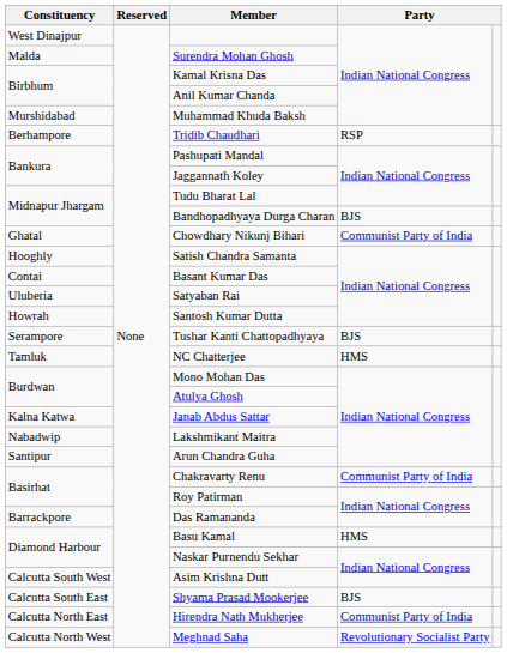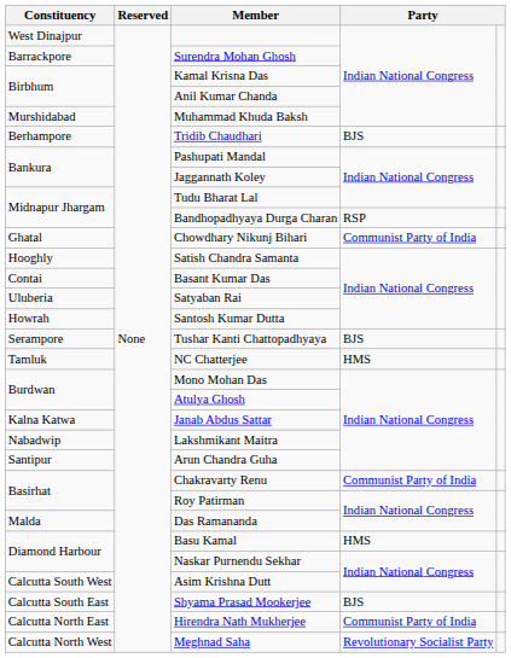 <table class="wikitable sortable">
 <tr>
 <th>Constituency</th>
 <th>Reserved</th>
 <th>Member</th>
 <th colspan=2>Party</th>
 </tr>
 <tr>
 <td>West Dinajpur</td>
 <td rowspan=31>None</td>
 <td></td>
 <td rowspan=5><a href='#'>Indian National Congress</a></td>
 <td rowspan=5 width="4px" style="background-color: "></td>
 </tr>
 <tr>
-<td>Malda</td>
+<td>Barrackpore</td>
 <td><a href='#'>Surendra Mohan Ghosh</a></td>
 </tr>
 <tr>
 <td rowspan=2>Birbhum</td>
 <td>Kamal Krisna Das</td>
 </tr>
 <tr>
 <td>Anil Kumar Chanda</td>
 </tr>
 <tr>
 <td>Murshidabad</td>
 <td>Muhammad Khuda Baksh</td>
 </tr>
 <tr>
 <td>Berhampore</td>
 <td><a href='#'>Tridib Chaudhari</a></td>
-<td>RSP</td>
+<td>BJS</td>
 <td></td>
 </tr>
 <tr>
 <td rowspan=2>Bankura</td>
 <td>Pashupati Mandal</td>
 <td rowspan=3><a href='#'>Indian National Congress</a></td>
 <td rowspan=3 width="4px" style="background-color: "></td>
 </tr>
 <tr>
 <td>Jaggannath Koley</td>
 </tr>
 <tr>
 <td rowspan=2>Midnapur Jhargam</td>
 <td>Tudu Bharat Lal</td>
 </tr>
 <tr>
 <td>Bandhopadhyaya Durga Charan</td>
-<td>BJS</td>
+<td>RSP</td>
 <td></td>
 </tr>
 <tr>
 <td>Ghatal</td>
 <td>Chowdhary Nikunj Bihari</td>
 <td><a href='#'>Communist Party of India</a></td>
 <td width="4px" style="background-color: "></td>
 </tr>
 <tr>
 <td>Hooghly</td>
 <td>Satish Chandra Samanta</td>
 <td rowspan=4><a href='#'>Indian National Congress</a></td>
 <td rowspan=4 width="4px" style="background-color: "></td>
 </tr>
 <tr>
 <td>Contai</td>
 <td>Basant Kumar Das</td>
 </tr>
 <tr>
 <td>Uluberia</td>
 <td>Satyaban Rai</td>
 </tr>
 <tr>
 <td>Howrah</td>
 <td>Santosh Kumar Dutta</td>
 </tr>
 <tr>
 <td>Serampore</td>
 <td>Tushar Kanti Chattopadhyaya</td>
 <td>BJS</td>
 <td width="4px" style="background-color: "></td>
 </tr>
 <tr>
 <td>Tamluk</td>
 <td>NC Chatterjee</td>
 <td>HMS</td>
 <td></td>
 </tr>
 <tr>
 <td rowspan=2>Burdwan</td>
 <td>Mono Mohan Das</td>
 <td rowspan=5><a href='#'>Indian National Congress</a></td>
 <td rowspan=5 width="4px" style="background-color: "></td>
 </tr>
 <tr>
 <td><a href='#'>Atulya Ghosh</a></td>
 </tr>
 <tr>
 <td>Kalna Katwa</td>
 <td><a href='#'>Janab Abdus Sattar</a></td>
 </tr>
 <tr>
 <td>Nabadwip</td>
 <td>Lakshmikant Maitra</td>
 </tr>
 <tr>
 <td>Santipur</td>
 <td>Arun Chandra Guha</td>
 </tr>
 <tr>
 <td rowspan=2>Basirhat</td>
 <td>Chakravarty Renu</td>
 <td><a href='#'>Communist Party of India</a></td>
 <td width="4px" style="background-color: "></td>
 </tr>
 <tr>
 <td>Roy Patirman</td>
 <td rowspan=2><a href='#'>Indian National Congress</a></td>
 <td rowspan=2 width="4px" style="background-color: "></td>
 </tr>
 <tr>
-<td>Barrackpore</td>
+<td>Malda</td>
 <td>Das Ramananda</td>
 </tr>
 <tr>
 <td rowspan=2>Diamond Harbour</td>
 <td>Basu Kamal</td>
 <td>HMS</td>
 <td width="4px" style="background-color: "></td>
 </tr>
 <tr>
 <td>Naskar Purnendu Sekhar</td>
 <td rowspan=2><a href='#'>Indian National Congress</a></td>
 <td rowspan=2 width="4px" style="background-color: "></td>
 </tr>
 <tr>
 <td>Calcutta South West</td>
 <td>Asim Krishna Dutt</td>
 </tr>
 <tr>
 <td>Calcutta South East</td>
 <td><a href='#'>Shyama Prasad Mookerjee</a></td>
 <td>BJS</td>
 <td width="4px" style="background-color:"></td>
 </tr>
 <tr>
 <td>Calcutta North East</td>
 <td><a href='#'>Hirendra Nath Mukherjee</a></td>
 <td><a href='#'>Communist Party of India</a></td>
 <td width="4px" style="background-color: "></td>
 </tr>
 <tr>
 <td>Calcutta North West</td>
 <td><a href='#'>Meghnad Saha</a></td>
 <td><a href='#'>Revolutionary Socialist Party</a></td>
 <td width="4px" style="background-color: "></td>
 </tr>
 </table>
